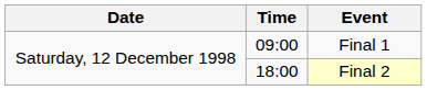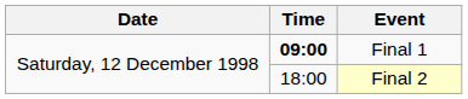 <table class = "wikitable" style="text-align:center;">
 <tr>
 <th width=220>Date</th>
 <th width=50>Time</th>
 <th width=100>Event</th>
 </tr>
 <tr>
 <td rowspan=2>Saturday, 12 December 1998</td>
-<td>09:00</td>
+<td><strong>09:00</strong></td>
 <td>Final 1</td>
 </tr>
 <tr>
 <td>18:00</td>
 <td bgcolor=ffffcc>Final 2</td>
 </tr>
 </table>
